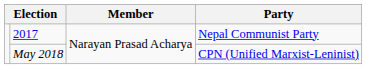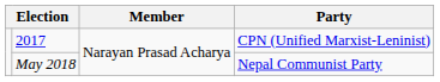 <table class="wikitable">
 <tr>
 <th colspan="2">Election</th>
 <th>Member</th>
 <th>Party</th>
 </tr>
 <tr>
 <td rowspan="2" style="background-color:"></td>
 <td><a href='#'>2017</a></td>
 <td rowspan="2">Narayan Prasad Acharya</td>
-<td><a href='#'>Nepal Communist Party</a></td>
+<td><a href='#'>CPN (Unified Marxist-Leninist)</a></td>
 </tr>
 <tr>
 <td><em>May 2018</em></td>
-<td><a href='#'>CPN (Unified Marxist-Leninist)</a></td>
+<td><a href='#'>Nepal Communist Party</a></td>
 </tr>
 </table>
